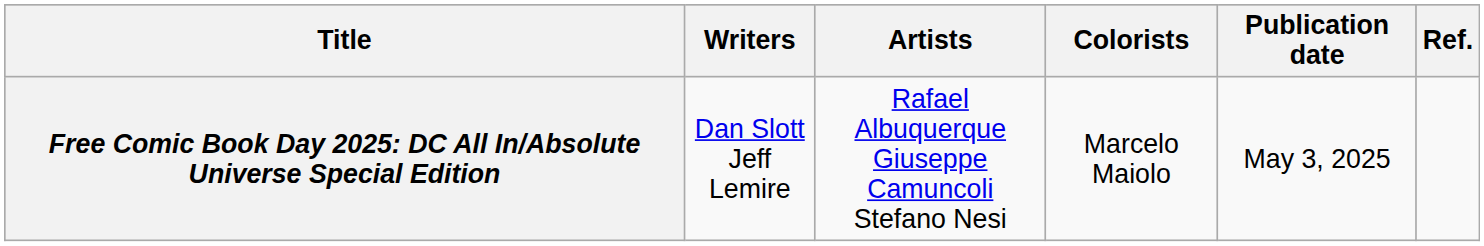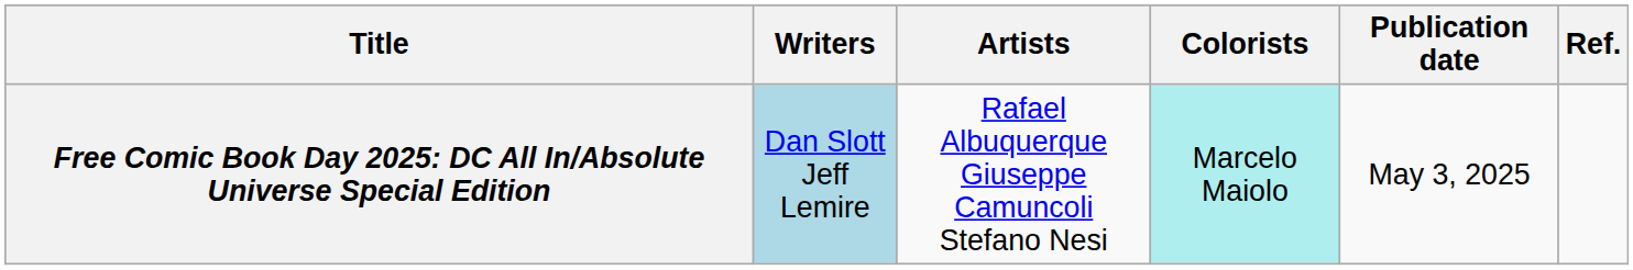 <table class="wikitable" width="100%" style="text-align: center;">
 <tr>
 <th>Title</th>
 <th>Writers</th>
 <th>Artists</th>
 <th>Colorists</th>
 <th>Publication date</th>
 <th>Ref.</th>
 </tr>
 <tr>
 <th scope="col"><em>Free Comic Book Day 2025: DC All In/Absolute Universe Special Edition</em></th>
-<td><a href='#'>Dan Slott</a><br>Jeff Lemire</td>
+<td style="background: lightblue;"><a href='#'>Dan Slott</a><br>Jeff Lemire</td>
 <td><a href='#'>Rafael Albuquerque</a><br><a href='#'>Giuseppe Camuncoli</a><br>Stefano Nesi</td>
-<td>Marcelo Maiolo</td>
+<td style="background: paleturquoise;">Marcelo Maiolo</td>
 <td>May 3, 2025</td>
 <td></td>
 </tr>
 </table>
